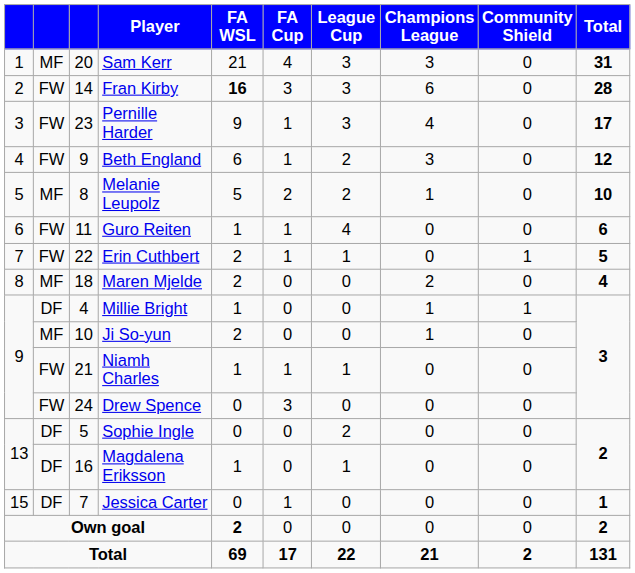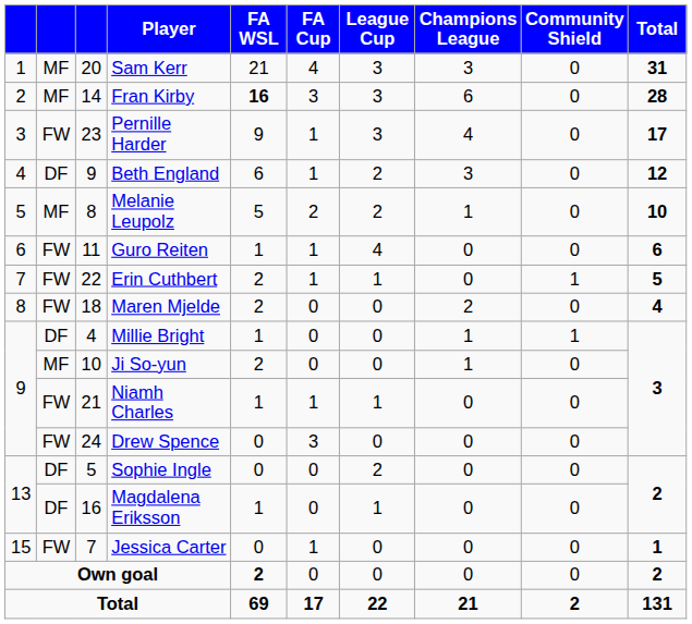 <table class="wikitable" style="text-align:center;">
 <tr>
 <th style="background:#00f; color:white; width:35px;"></th>
 <th style="background:#00f; color:white; width:35px;"></th>
 <th style="background:#00f; color:white; width:35px;"></th>
 <th style="background:#00f; color:white; width:200px;">Player</th>
 <th style="background:#00f; color:white; width:75px;">FA WSL</th>
 <th style="background:#00f; color:white; width:75px;">FA Cup</th>
 <th style="background:#00f; color:white; width:75px;">League Cup</th>
 <th style="background:#00f; color:white; width:75px;">Champions League</th>
 <th style="background:#00f; color:white; width:75px;">Community Shield</th>
 <th style="background:#00f; color:white; width:75px;">Total</th>
 </tr>
 <tr>
 <td rowspan="1">1</td>
 <td>MF</td>
 <td>20</td>
 <td align=left> <a href='#'>Sam Kerr</a></td>
 <td>21</td>
 <td>4</td>
 <td>3</td>
 <td>3</td>
 <td>0</td>
 <td><strong>31</strong></td>
 </tr>
 <tr>
 <td rowspan="1">2</td>
-<td>FW</td>
+<td>MF</td>
 <td>14</td>
 <td align=left> <a href='#'>Fran Kirby</a></td>
 <td><strong>16</strong></td>
 <td>3</td>
 <td>3</td>
 <td>6</td>
 <td>0</td>
 <td><strong>28</strong></td>
 </tr>
 <tr>
 <td rowspan="1">3</td>
 <td>FW</td>
 <td>23</td>
 <td align=left> <a href='#'>Pernille Harder</a></td>
 <td>9</td>
 <td>1</td>
 <td>3</td>
 <td>4</td>
 <td>0</td>
 <td><strong>17</strong></td>
 </tr>
 <tr>
 <td rowspan="1">4</td>
-<td>FW</td>
+<td>DF</td>
 <td>9</td>
 <td align=left> <a href='#'>Beth England</a></td>
 <td>6</td>
 <td>1</td>
 <td>2</td>
 <td>3</td>
 <td>0</td>
 <td><strong>12</strong></td>
 </tr>
 <tr>
 <td rowspan="1">5</td>
 <td>MF</td>
 <td>8</td>
 <td align=left> <a href='#'>Melanie Leupolz</a></td>
 <td>5</td>
 <td>2</td>
 <td>2</td>
 <td>1</td>
 <td>0</td>
 <td><strong>10</strong></td>
 </tr>
 <tr>
 <td rowspan="1">6</td>
 <td>FW</td>
 <td>11</td>
 <td align=left> <a href='#'>Guro Reiten</a></td>
 <td>1</td>
 <td>1</td>
 <td>4</td>
 <td>0</td>
 <td>0</td>
 <td><strong>6</strong></td>
 </tr>
 <tr>
 <td>7</td>
 <td>FW</td>
 <td>22</td>
 <td align="left"> <a href='#'>Erin Cuthbert</a></td>
 <td>2</td>
 <td>1</td>
 <td>1</td>
 <td>0</td>
 <td>1</td>
 <td><strong>5</strong></td>
 </tr>
 <tr>
 <td>8</td>
-<td>MF</td>
+<td>FW</td>
 <td>18</td>
 <td align="left"> <a href='#'>Maren Mjelde</a></td>
 <td>2</td>
 <td>0</td>
 <td>0</td>
 <td>2</td>
 <td>0</td>
 <td><strong>4</strong></td>
 </tr>
 <tr>
 <td rowspan="4">9</td>
 <td>DF</td>
 <td>4</td>
 <td align=left> <a href='#'>Millie Bright</a></td>
 <td>1</td>
 <td>0</td>
 <td>0</td>
 <td>1</td>
 <td>1</td>
 <td rowspan="4"><strong>3</strong></td>
 </tr>
 <tr>
 <td>MF</td>
 <td>10</td>
 <td align="left"> <a href='#'>Ji So-yun</a></td>
 <td>2</td>
 <td>0</td>
 <td>0</td>
 <td>1</td>
 <td>0</td>
 </tr>
 <tr>
 <td>FW</td>
 <td>21</td>
 <td align="left"> <a href='#'>Niamh Charles</a></td>
 <td>1</td>
 <td>1</td>
 <td>1</td>
 <td>0</td>
 <td>0</td>
 </tr>
 <tr>
 <td>FW</td>
 <td>24</td>
 <td align=left> <a href='#'>Drew Spence</a></td>
 <td>0</td>
 <td>3</td>
 <td>0</td>
 <td>0</td>
 <td>0</td>
 </tr>
 <tr>
 <td rowspan="2">13</td>
 <td>DF</td>
 <td>5</td>
 <td align=left> <a href='#'>Sophie Ingle</a></td>
 <td>0</td>
 <td>0</td>
 <td>2</td>
 <td>0</td>
 <td>0</td>
 <td rowspan="2"><strong>2</strong></td>
 </tr>
 <tr>
 <td>DF</td>
 <td>16</td>
 <td align=left> <a href='#'>Magdalena Eriksson</a></td>
 <td>1</td>
 <td>0</td>
 <td>1</td>
 <td>0</td>
 <td>0</td>
 </tr>
 <tr>
 <td rowspan="1">15</td>
-<td>DF</td>
+<td>FW</td>
 <td>7</td>
 <td align=left> <a href='#'>Jessica Carter</a></td>
 <td>0</td>
 <td>1</td>
 <td>0</td>
 <td>0</td>
 <td>0</td>
 <td><strong>1</strong></td>
 </tr>
 <tr>
 <td colspan="4"><strong>Own goal</strong></td>
 <td><strong>2</strong></td>
 <td>0</td>
 <td>0</td>
 <td>0</td>
 <td>0</td>
 <td><strong>2</strong></td>
 </tr>
 <tr>
 <td colspan="4"><strong>Total</strong></td>
 <td><strong>69</strong></td>
 <td><strong>17</strong></td>
 <td><strong>22</strong></td>
 <td><strong>21</strong></td>
 <td><strong>2</strong></td>
 <td><strong>131</strong></td>
 </tr>
 </table>
